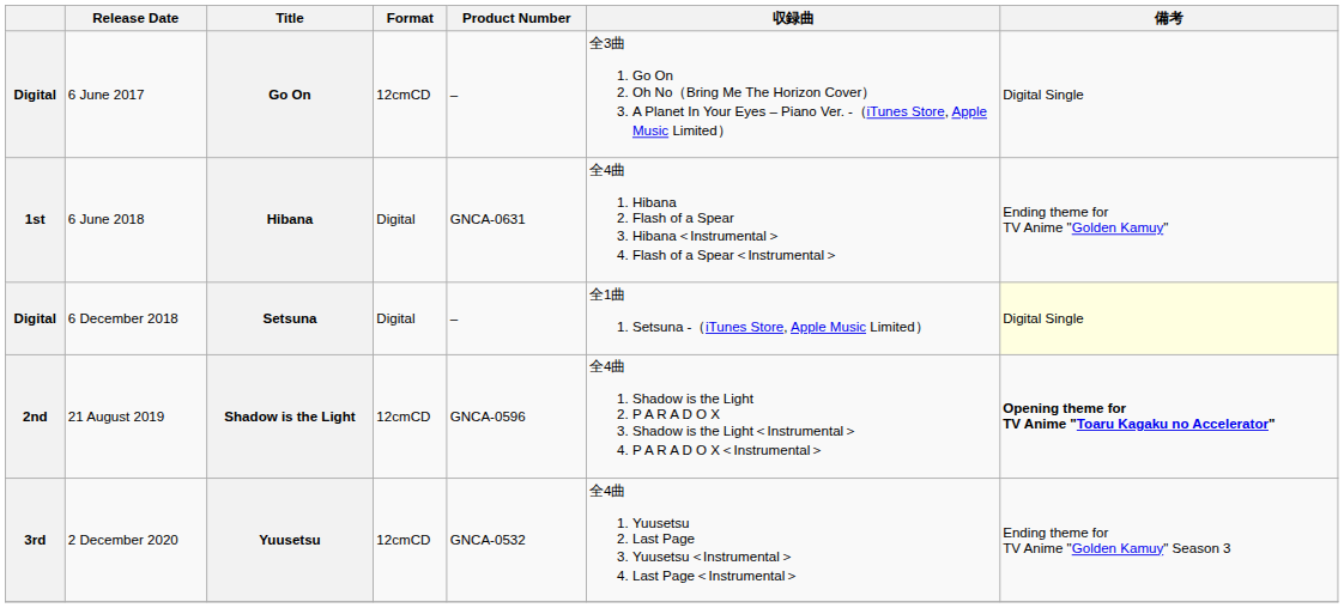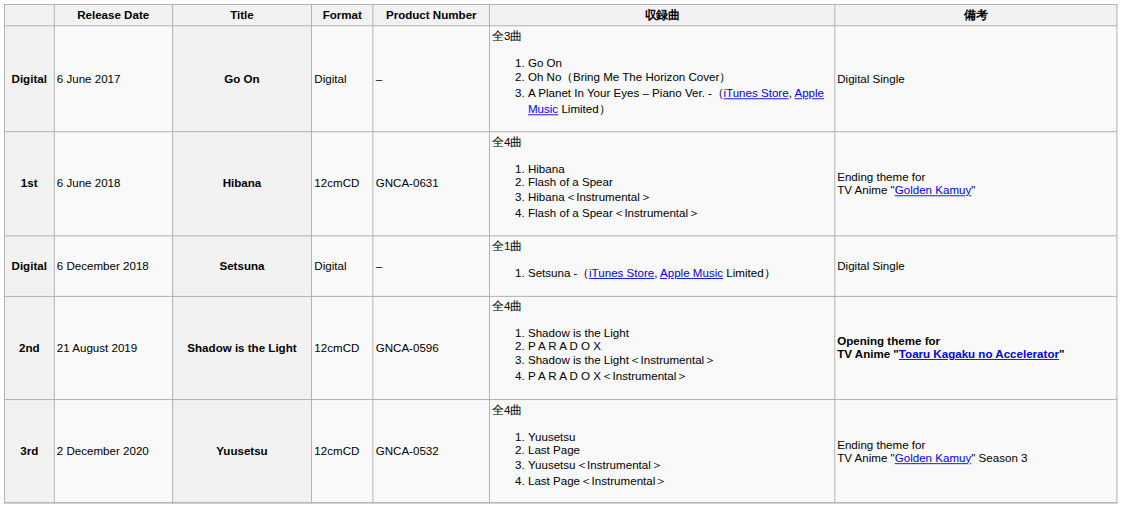 <table class="wikitable" style="font-size:small">
 <tr>
 <th> </th>
 <th>Release Date</th>
 <th>Title</th>
 <th>Format</th>
 <th>Product Number</th>
 <th style="width:31%">収録曲</th>
 <th>備考</th>
 </tr>
 <tr>
 <th>Digital</th>
 <td>6 June 2017</td>
 <th><strong>Go On</strong></th>
-<td>12cmCD</td>
+<td>Digital</td>
 <td>–</td>
 <td>全3曲<br><ol><li>Go On</li><li>Oh No（Bring Me The Horizon Cover）</li><li>A Planet In Your Eyes – Piano Ver. -（<a href='#'>iTunes Store</a>, <a href='#'>Apple Music</a> Limited）</li></ol></td>
 <td>Digital Single</td>
 </tr>
 <tr>
 <th>1st</th>
 <td>6 June 2018</td>
 <th>Hibana</th>
-<td>Digital</td>
+<td>12cmCD</td>
 <td>GNCA-0631</td>
 <td>全4曲<br><ol><li>Hibana</li><li>Flash of a Spear</li><li>Hibana＜Instrumental＞</li><li>Flash of a Spear＜Instrumental＞</li></ol></td>
 <td>Ending theme for<br>TV Anime "<a href='#'>Golden Kamuy</a>"</td>
 </tr>
 <tr>
 <th>Digital</th>
 <td>6 December 2018</td>
 <th><strong>Setsuna</strong></th>
 <td>Digital</td>
 <td>–</td>
 <td>全1曲<br><ol><li>Setsuna -（<a href='#'>iTunes Store</a>, <a href='#'>Apple Music</a> Limited）</li></ol></td>
-<td style="background: lightyellow;">Digital Single</td>
+<td>Digital Single</td>
 </tr>
 <tr>
 <th>2nd</th>
 <td>21 August 2019</td>
 <th>Shadow is the Light</th>
 <td>12cmCD</td>
 <td>GNCA-0596</td>
 <td>全4曲<br><ol><li>Shadow is the Light</li><li>P A R A D O X</li><li>Shadow is the Light＜Instrumental＞</li><li>P A R A D O X＜Instrumental＞</li></ol></td>
 <td><strong>Opening theme for<br>TV Anime "<a href='#'>Toaru Kagaku no Accelerator</a>"</strong></td>
 </tr>
 <tr>
 <th>3rd</th>
 <td>2 December 2020</td>
 <th>Yuusetsu</th>
 <td>12cmCD</td>
 <td>GNCA-0532</td>
 <td>全4曲<br><ol><li>Yuusetsu</li><li>Last Page</li><li>Yuusetsu＜Instrumental＞</li><li>Last Page＜Instrumental＞</li></ol></td>
 <td>Ending theme for<br>TV Anime "<a href='#'>Golden Kamuy</a>" Season 3</td>
 </tr>
 <tr>
 </tr>
 </table>
